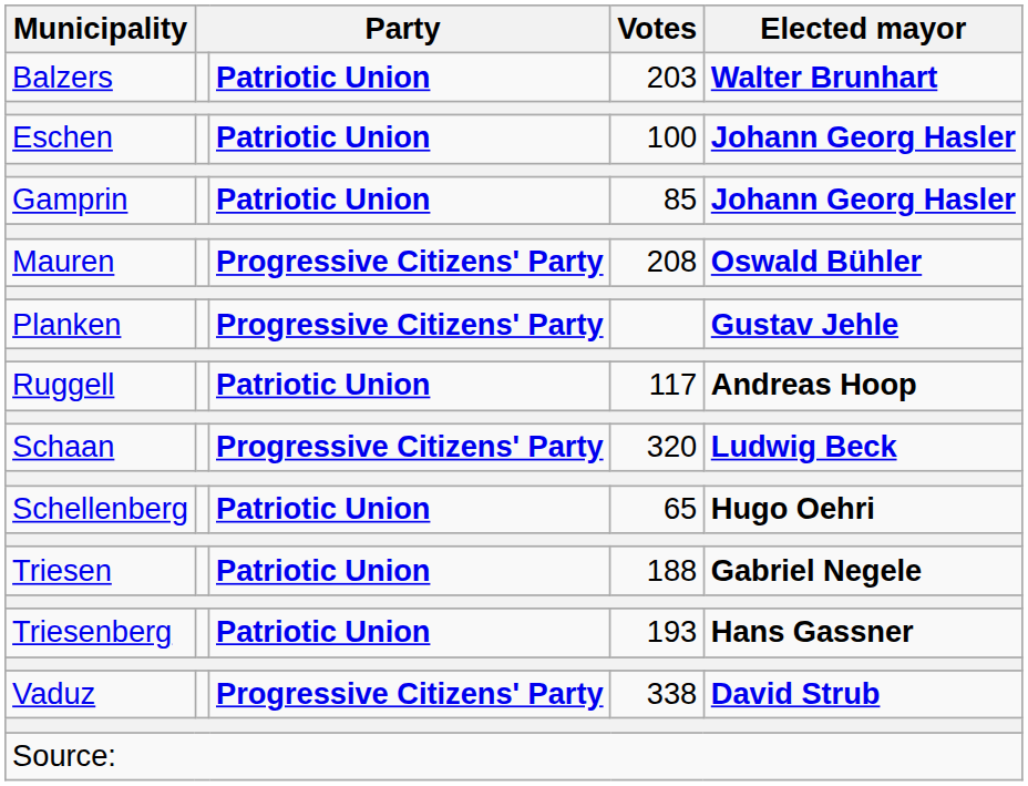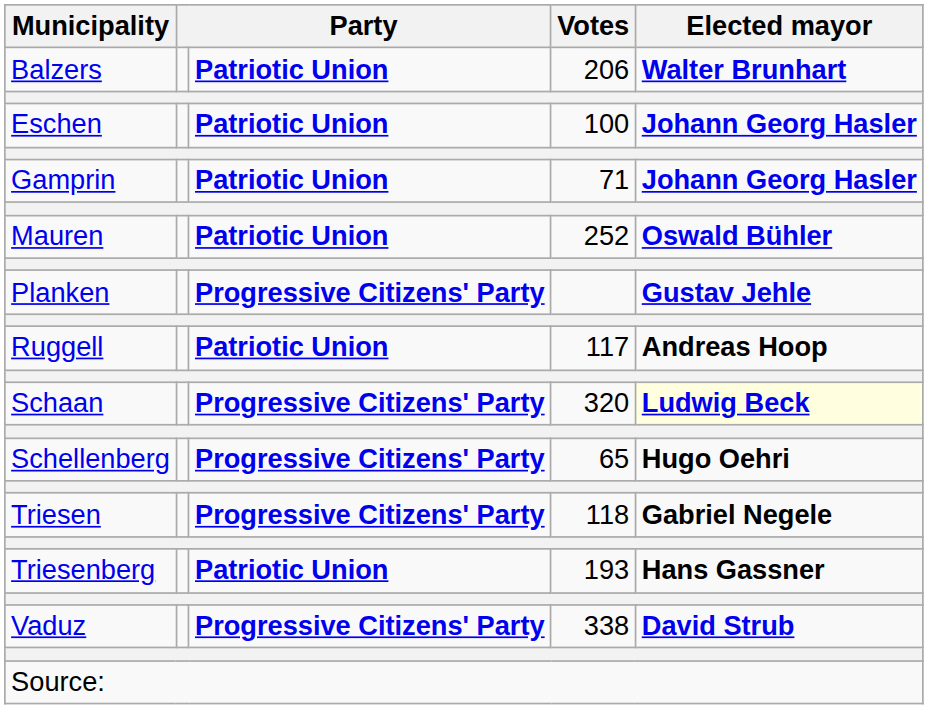 <table class="wikitable" style="text-align:right">
 <tr>
 <th>Municipality</th>
 <th colspan="2">Party</th>
 <th>Votes</th>
 <th>Elected mayor</th>
 </tr>
 <tr>
 <td align="left"><a href='#'>Balzers</a></td>
 <td style="color:inherit;background:"></td>
 <td align="left"><a href='#'><strong>Patriotic Union</strong></a></td>
-<td>203</td>
+<td>206</td>
 <td align="left"><strong><a href='#'>Walter Brunhart</a></strong></td>
 </tr>
 <tr>
 <th colspan="5"></th>
 </tr>
 <tr>
 <td align="left"><a href='#'>Eschen</a></td>
 <td style="color:inherit;background:"></td>
 <td align="left"><a href='#'><strong>Patriotic Union</strong></a></td>
 <td>100</td>
 <td align="left"><a href='#'><strong>Johann Georg Hasler</strong></a></td>
 </tr>
 <tr>
 <th colspan="5"></th>
 </tr>
 <tr>
 <td align="left"><a href='#'>Gamprin</a></td>
 <td style="color:inherit;background:"></td>
 <td align="left"><a href='#'><strong>Patriotic Union</strong></a></td>
-<td>85</td>
+<td>71</td>
 <td align="left"><strong><a href='#'>Johann Georg Hasler</a></strong></td>
 </tr>
 <tr>
 <th colspan="5"></th>
 </tr>
 <tr>
 <td align="left"><a href='#'>Mauren</a></td>
 <td style="color:inherit;background:"></td>
-<td align="left"><strong><a href='#'>Progressive Citizens' Party</a></strong></td>
-<td>208</td>
+<td align="left"><a href='#'><strong>Patriotic Union</strong></a></td>
+<td>252</td>
 <td align="left"><strong><a href='#'>Oswald Bühler</a></strong></td>
 </tr>
 <tr>
 <th colspan="5"></th>
 </tr>
 <tr>
 <td align="left"><a href='#'>Planken</a></td>
 <td style="color:inherit;background:"></td>
 <td align="left"><strong><a href='#'>Progressive Citizens' Party</a></strong></td>
 <td></td>
 <td align="left"><strong><a href='#'>Gustav Jehle</a></strong></td>
 </tr>
 <tr>
 <th colspan="5"></th>
 </tr>
 <tr>
 <td align="left"><a href='#'>Ruggell</a></td>
 <td style="color:inherit;background:"></td>
 <td align="left"><a href='#'><strong>Patriotic Union</strong></a></td>
 <td>117</td>
 <td align="left"><strong>Andreas Hoop</strong></td>
 </tr>
 <tr>
 <th colspan="5"></th>
 </tr>
 <tr>
 <td align="left"><a href='#'>Schaan</a></td>
 <td style="color:inherit;background:"></td>
 <td align="left"><strong><a href='#'>Progressive Citizens' Party</a></strong></td>
 <td>320</td>
-<td align="left"><strong><a href='#'>Ludwig Beck</a></strong></td>
+<td align="left" style="background: lightyellow;"><strong><a href='#'>Ludwig Beck</a></strong></td>
 </tr>
 <tr>
 <th colspan="5"></th>
 </tr>
 <tr>
 <td align="left"><a href='#'>Schellenberg</a></td>
 <td style="color:inherit;background:"></td>
-<td align="left"><a href='#'><strong>Patriotic Union</strong></a></td>
+<td align="left"><strong><a href='#'>Progressive Citizens' Party</a></strong></td>
 <td>65</td>
 <td align="left"><strong>Hugo Oehri</strong></td>
 </tr>
 <tr>
 <th colspan="5"></th>
 </tr>
 <tr>
 <td align="left"><a href='#'>Triesen</a></td>
 <td style="color:inherit;background:"></td>
-<td align="left"><a href='#'><strong>Patriotic Union</strong></a></td>
-<td>188</td>
+<td align="left"><strong><a href='#'>Progressive Citizens' Party</a></strong></td>
+<td>118</td>
 <td align="left"><strong>Gabriel Negele</strong></td>
 </tr>
 <tr>
 <th colspan="5"></th>
 </tr>
 <tr>
 <td align="left"><a href='#'>Triesenberg</a></td>
 <td style="color:inherit;background:"></td>
 <td align="left"><a href='#'><strong>Patriotic Union</strong></a></td>
 <td>193</td>
 <td align="left"><strong>Hans Gassner</strong></td>
 </tr>
 <tr>
 <th colspan="5"></th>
 </tr>
 <tr>
 <td align="left"><a href='#'>Vaduz</a></td>
 <td style="color:inherit;background:"></td>
 <td align="left"><strong><a href='#'>Progressive Citizens' Party</a></strong></td>
 <td>338</td>
 <td align="left"><strong><a href='#'>David Strub</a></strong></td>
 </tr>
 <tr>
 <th colspan="5"></th>
 </tr>
 <tr>
 <td colspan="5" align="left">Source: </td>
 </tr>
 </table>
